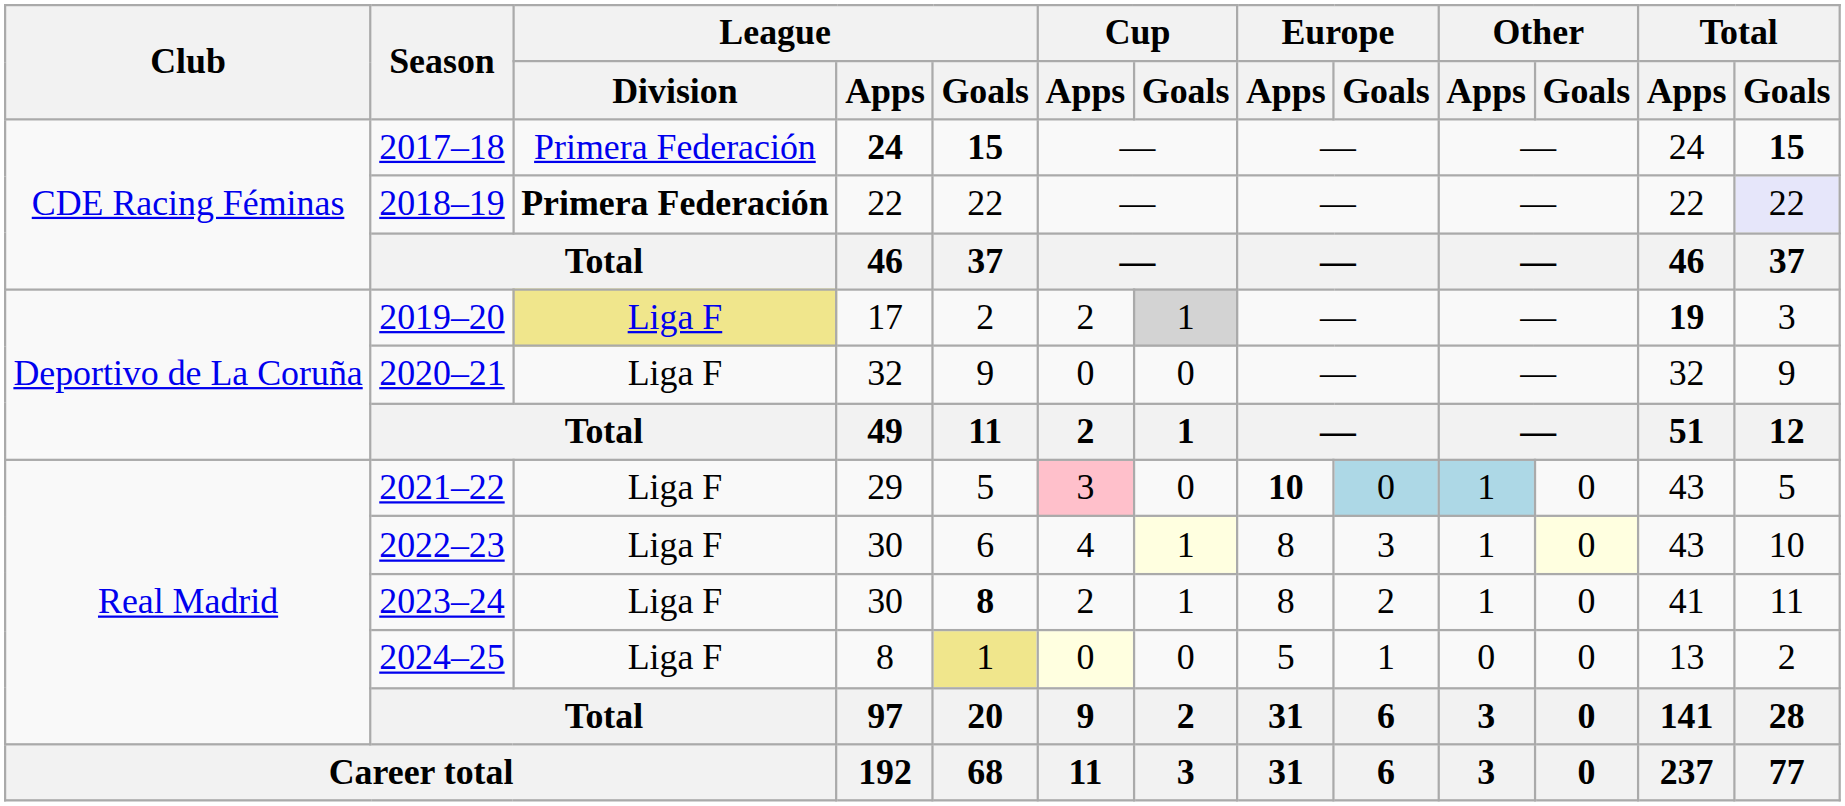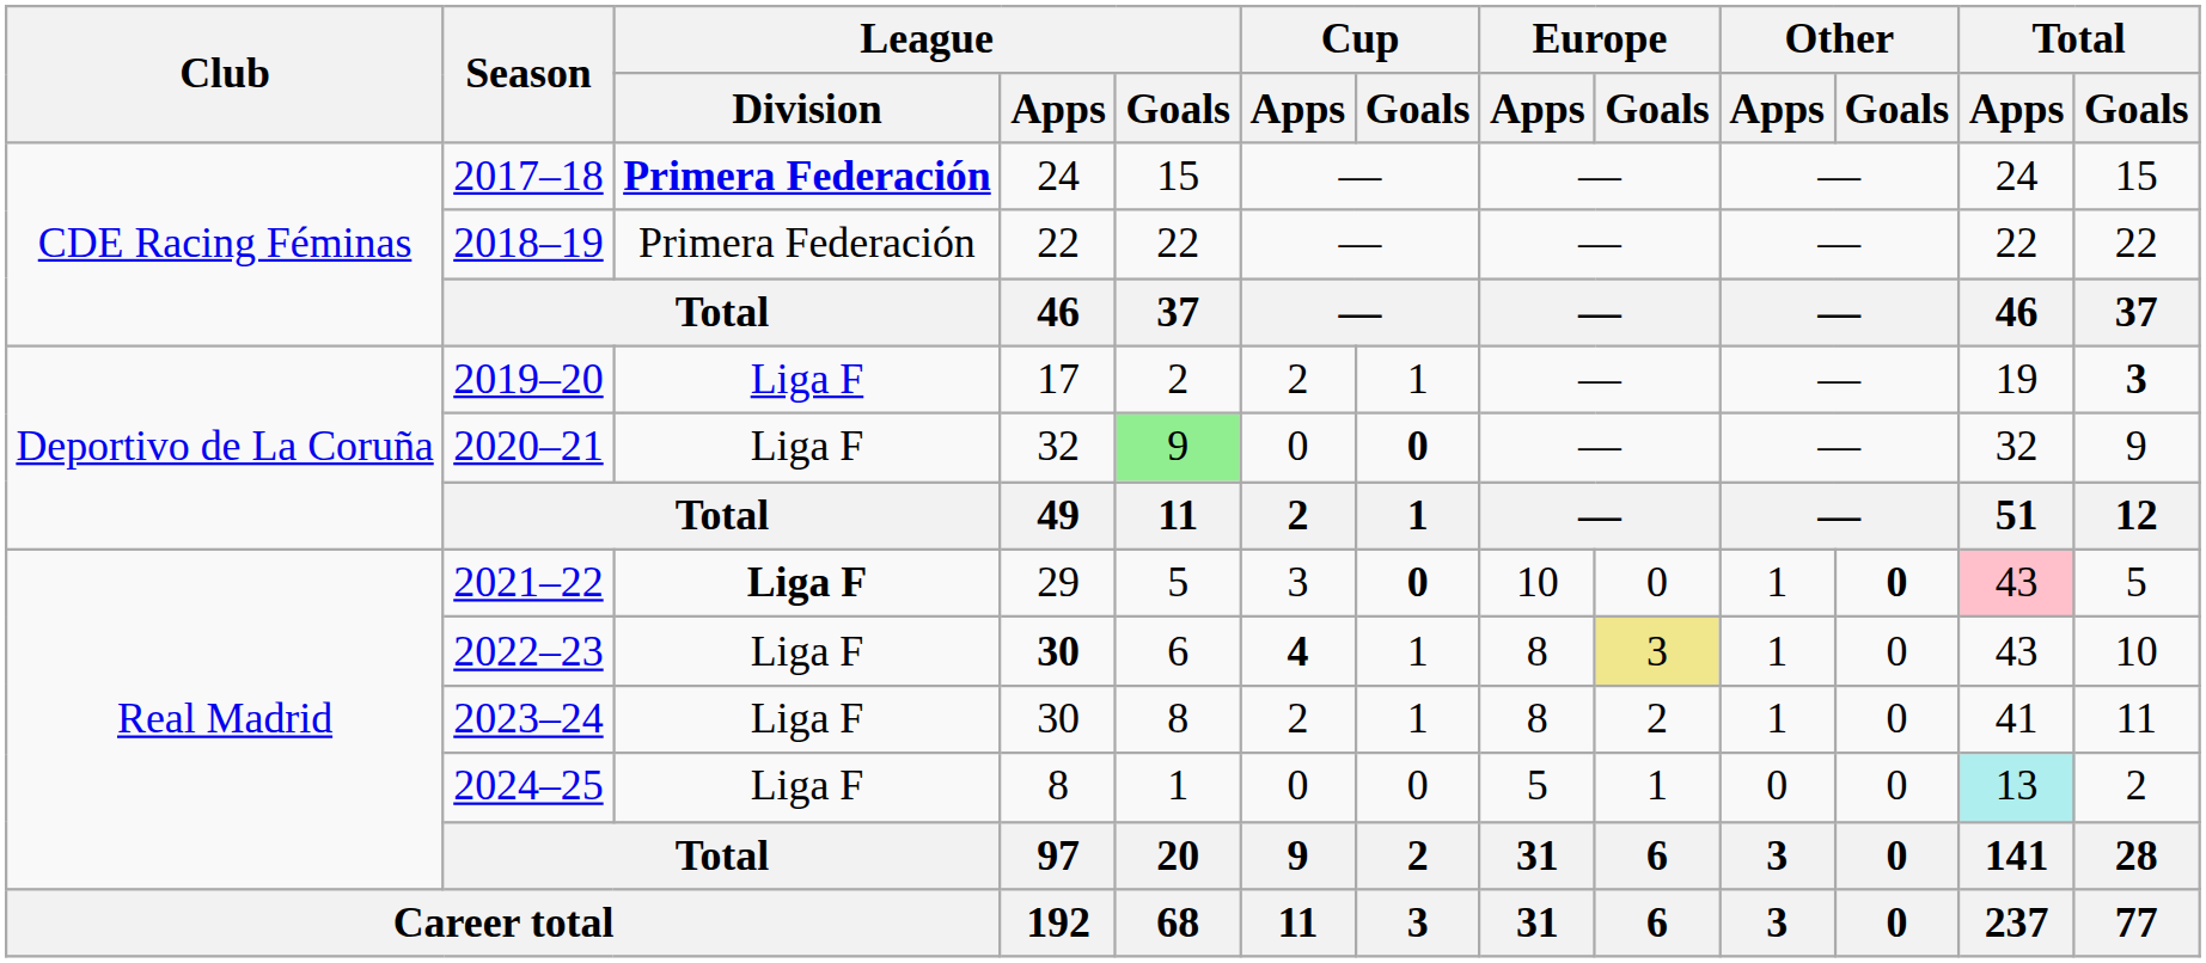 <table class="wikitable" style="text-align:center">
 <tr>
 <th rowspan="2">Club</th>
 <th rowspan="2">Season</th>
 <th colspan="3">League</th>
 <th colspan="2">Cup</th>
 <th colspan="2">Europe</th>
 <th colspan="2">Other</th>
 <th colspan="2">Total</th>
 </tr>
 <tr>
 <th>Division</th>
 <th>Apps</th>
 <th>Goals</th>
 <th>Apps</th>
 <th>Goals</th>
 <th>Apps</th>
 <th>Goals</th>
 <th>Apps</th>
 <th>Goals</th>
 <th>Apps</th>
 <th>Goals</th>
 </tr>
 <tr>
 <td rowspan="3"><a href='#'>CDE Racing Féminas</a></td>
 <td><a href='#'>2017–18</a></td>
-<td><a href='#'>Primera Federación</a></td>
-<td><strong>24</strong></td>
-<td><strong>15</strong></td>
+<td><strong><a href='#'>Primera Federación</a></strong></td>
+<td>24</td>
+<td>15</td>
 <td colspan="2">—</td>
 <td colspan="2">—</td>
 <td colspan="2">—</td>
 <td>24</td>
-<td><strong>15</strong></td>
+<td>15</td>
 </tr>
 <tr>
 <td><a href='#'>2018–19</a></td>
-<td><strong>Primera Federación</strong></td>
+<td>Primera Federación</td>
 <td>22</td>
 <td>22</td>
 <td colspan="2">—</td>
 <td colspan="2">—</td>
 <td colspan="2">—</td>
 <td>22</td>
-<td style="background: lavender;">22</td>
+<td>22</td>
 </tr>
 <tr>
 <th colspan="2">Total</th>
 <th>46</th>
 <th>37</th>
 <th colspan="2">—</th>
 <th colspan="2">—</th>
 <th colspan="2">—</th>
 <th>46</th>
 <th>37</th>
 </tr>
 <tr>
 <td rowspan="3"><a href='#'>Deportivo de La Coruña</a></td>
 <td><a href='#'>2019–20</a></td>
-<td style="background: khaki;"><a href='#'>Liga F</a></td>
+<td><a href='#'>Liga F</a></td>
 <td>17</td>
 <td>2</td>
 <td>2</td>
-<td style="background: lightgrey;">1</td>
+<td>1</td>
 <td colspan="2">—</td>
 <td colspan="2">—</td>
-<td><strong>19</strong></td>
-<td>3</td>
+<td>19</td>
+<td><strong>3</strong></td>
 </tr>
 <tr>
 <td><a href='#'>2020–21</a></td>
 <td>Liga F</td>
 <td>32</td>
-<td>9</td>
+<td style="background: lightgreen;">9</td>
 <td>0</td>
-<td>0</td>
+<td><strong>0</strong></td>
 <td colspan="2">—</td>
 <td colspan="2">—</td>
 <td>32</td>
 <td>9</td>
 </tr>
 <tr>
 <th colspan="2">Total</th>
 <th>49</th>
 <th>11</th>
 <th>2</th>
 <th>1</th>
 <th colspan="2">—</th>
 <th colspan="2">—</th>
 <th>51</th>
 <th>12</th>
 </tr>
 <tr>
 <td rowspan="5"><a href='#'>Real Madrid</a></td>
 <td><a href='#'>2021–22</a></td>
-<td>Liga F</td>
+<td><strong>Liga F</strong></td>
 <td>29</td>
 <td>5</td>
-<td style="background: pink;">3</td>
+<td>3</td>
+<td><strong>0</strong></td>
+<td>10</td>
 <td>0</td>
-<td><strong>10</strong></td>
-<td style="background: lightblue;">0</td>
-<td style="background: lightblue;">1</td>
-<td>0</td>
-<td>43</td>
+<td>1</td>
+<td><strong>0</strong></td>
+<td style="background: pink;">43</td>
 <td>5</td>
 </tr>
 <tr>
 <td><a href='#'>2022–23</a></td>
 <td>Liga F</td>
-<td>30</td>
+<td><strong>30</strong></td>
 <td>6</td>
-<td>4</td>
-<td style="background: lightyellow;">1</td>
+<td><strong>4</strong></td>
+<td>1</td>
 <td>8</td>
-<td>3</td>
+<td style="background: khaki;">3</td>
 <td>1</td>
-<td style="background: lightyellow;">0</td>
+<td>0</td>
 <td>43</td>
 <td>10</td>
 </tr>
 <tr>
 <td><a href='#'>2023–24</a></td>
 <td>Liga F</td>
 <td>30</td>
-<td><strong>8</strong></td>
+<td>8</td>
 <td>2</td>
 <td>1</td>
 <td>8</td>
 <td>2</td>
 <td>1</td>
 <td>0</td>
 <td>41</td>
 <td>11</td>
 </tr>
 <tr>
 <td><a href='#'>2024–25</a></td>
 <td>Liga F</td>
 <td>8</td>
-<td style="background: khaki;">1</td>
-<td style="background: lightyellow;">0</td>
+<td>1</td>
+<td>0</td>
 <td>0</td>
 <td>5</td>
 <td>1</td>
 <td>0</td>
 <td>0</td>
-<td>13</td>
+<td style="background: paleturquoise;">13</td>
 <td>2</td>
 </tr>
 <tr>
 <th colspan="2">Total</th>
 <th>97</th>
 <th>20</th>
 <th>9</th>
 <th>2</th>
 <th>31</th>
 <th>6</th>
 <th>3</th>
 <th>0</th>
 <th>141</th>
 <th>28</th>
 </tr>
 <tr>
 <th colspan="3">Career total</th>
 <th>192</th>
 <th>68</th>
 <th>11</th>
 <th>3</th>
 <th>31</th>
 <th>6</th>
 <th>3</th>
 <th>0</th>
 <th>237</th>
 <th>77</th>
 </tr>
 </table>
